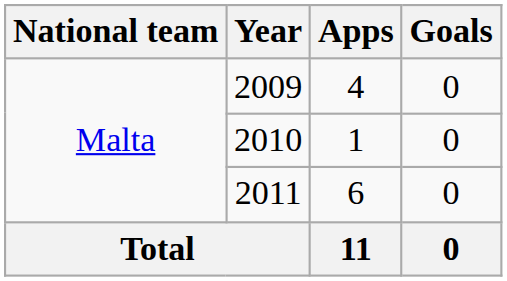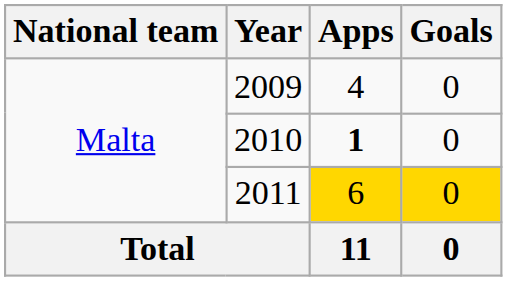 <table class="wikitable" style="text-align:center">
 <tr>
 <th>National team</th>
 <th>Year</th>
 <th>Apps</th>
 <th>Goals</th>
 </tr>
 <tr>
 <td rowspan="3"><a href='#'>Malta</a></td>
 <td>2009</td>
 <td>4</td>
 <td>0</td>
 </tr>
 <tr>
 <td>2010</td>
-<td>1</td>
+<td><strong>1</strong></td>
 <td>0</td>
 </tr>
 <tr>
 <td>2011</td>
-<td>6</td>
-<td>0</td>
+<td style="background: gold;">6</td>
+<td style="background: gold;">0</td>
 </tr>
 <tr>
 <th colspan="2">Total</th>
 <th>11</th>
 <th>0</th>
 </tr>
 </table>
